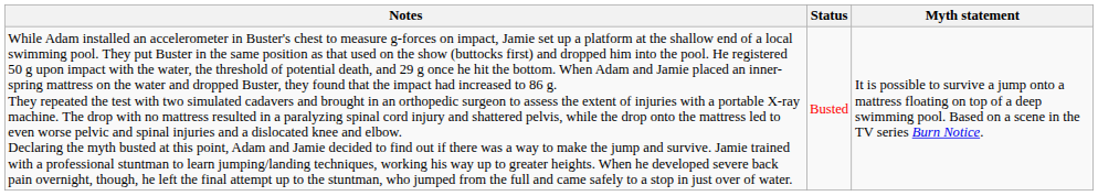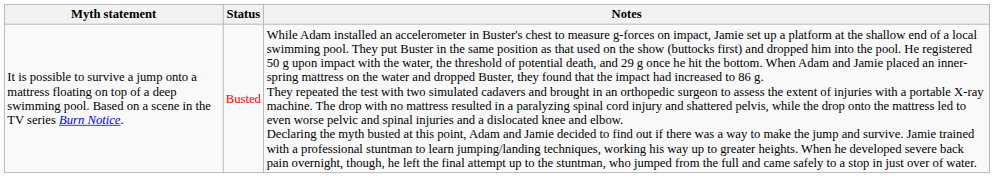 <table class="wikitable plainrowheaders">
 <tr>
+<th>Myth statement</th>
+<th>Status</th>
 <th>Notes</th>
-<th>Status</th>
-<th>Myth statement</th>
 </tr>
 <tr>
+<td>It is possible to survive a  jump onto a mattress floating on top of a  deep swimming pool. Based on a scene in the TV series <em><a href='#'>Burn Notice</a></em>.</td>
+<td style="color:red">Busted</td>
 <td>While Adam installed an accelerometer in Buster's chest to measure g-forces on impact, Jamie set up a  platform at the shallow end of a local swimming pool. They put Buster in the same position as that used on the show (buttocks first) and dropped him into the pool. He registered 50 g upon impact with the water, the threshold of potential death, and 29 g once he hit the bottom. When Adam and Jamie placed an inner-spring mattress on the water and dropped Buster, they found that the impact had increased to 86 g.<br>They repeated the test with two simulated cadavers and brought in an orthopedic surgeon to assess the extent of injuries with a portable X-ray machine. The drop with no mattress resulted in a paralyzing spinal cord injury and shattered pelvis, while the drop onto the mattress led to even worse pelvic and spinal injuries and a dislocated knee and elbow.<br>Declaring the myth busted at this point, Adam and Jamie decided to find out if there was a way to make the jump and survive. Jamie trained with a professional stuntman to learn jumping/landing techniques, working his way up to greater heights. When he developed severe back pain overnight, though, he left the final attempt up to the stuntman, who jumped from the full  and came safely to a stop in just over  of water.</td>
-<td style="color:red">Busted</td>
-<td>It is possible to survive a  jump onto a mattress floating on top of a  deep swimming pool. Based on a scene in the TV series <em><a href='#'>Burn Notice</a></em>.</td>
 </tr>
 </table>
